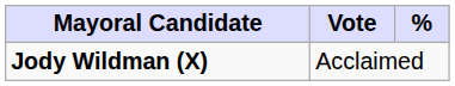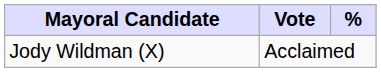 <table class="wikitable">
 <tr>
 <th style="background:#ddf; width:200px;">Mayoral Candidate</th>
 <th style="background:#ddf; width:50px;">Vote</th>
 <th style="background:#ddf; width:30px;">%</th>
 </tr>
 <tr>
-<td><strong>Jody Wildman (X)</strong></td>
+<td>Jody Wildman (X)</td>
 <td colspan="2">Acclaimed</td>
 </tr>
 </table>
